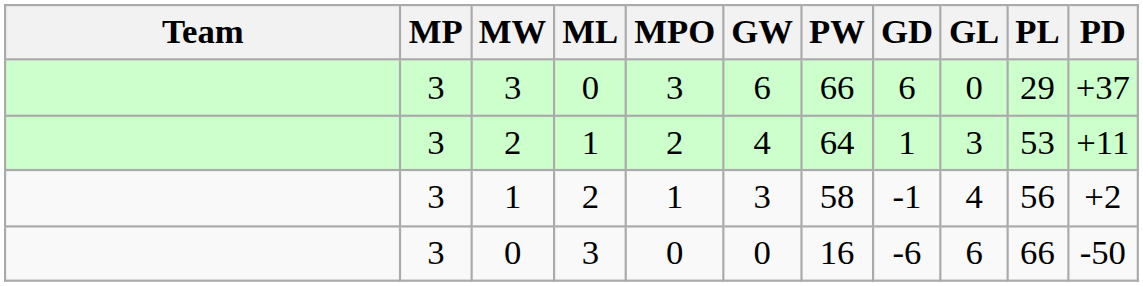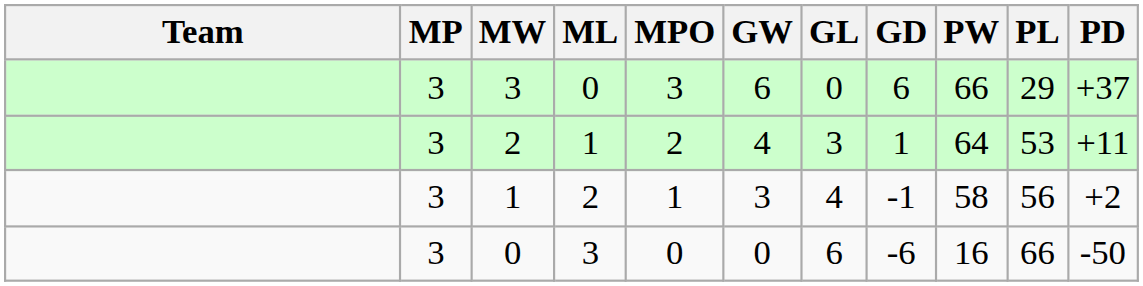 <table class=wikitable style="text-align:center">
 <tr>
 <th width=175>Team</th>
 <th width=20>MP</th>
 <th width=20>MW</th>
 <th width=20>ML</th>
 <th width=20>MPO</th>
 <th width=20>GW</th>
+<th width=20>GL</th>
+<th width=20>GD</th>
 <th width=20>PW</th>
-<th width=20>GD</th>
-<th width=20>GL</th>
 <th width=20>PL</th>
 <th width=20>PD</th>
 </tr>
 <tr bgcolor="#ccffcc">
 <td align=left><strong><br></strong></td>
 <td>3</td>
 <td>3</td>
 <td>0</td>
 <td>3</td>
 <td>6</td>
+<td>0</td>
+<td>6</td>
 <td>66</td>
-<td>6</td>
-<td>0</td>
 <td>29</td>
 <td>+37</td>
 </tr>
 <tr bgcolor="#ccffcc">
 <td align=left><strong><br></strong></td>
 <td>3</td>
 <td>2</td>
 <td>1</td>
 <td>2</td>
 <td>4</td>
+<td>3</td>
+<td>1</td>
 <td>64</td>
-<td>1</td>
-<td>3</td>
 <td>53</td>
 <td>+11</td>
 </tr>
 <tr>
 <td align=left><br></td>
 <td>3</td>
 <td>1</td>
 <td>2</td>
 <td>1</td>
 <td>3</td>
+<td>4</td>
+<td>-1</td>
 <td>58</td>
-<td>-1</td>
-<td>4</td>
 <td>56</td>
 <td>+2</td>
 </tr>
 <tr>
 <td align=left><br></td>
 <td>3</td>
 <td>0</td>
 <td>3</td>
 <td>0</td>
 <td>0</td>
+<td>6</td>
+<td>-6</td>
 <td>16</td>
-<td>-6</td>
-<td>6</td>
 <td>66</td>
 <td>-50</td>
 </tr>
 </table>
